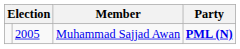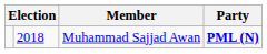 <table class="wikitable">
 <tr>
 <th colspan="2">Election</th>
 <th>Member</th>
 <th>Party</th>
 </tr>
 <tr>
 <td style="background-color: "></td>
-<td><a href='#'>2005</a></td>
+<td><a href='#'>2018</a></td>
 <td><a href='#'>Muhammad Sajjad Awan</a></td>
 <td><strong><a href='#'>PML (N)</a></strong></td>
 </tr>
 </table>
